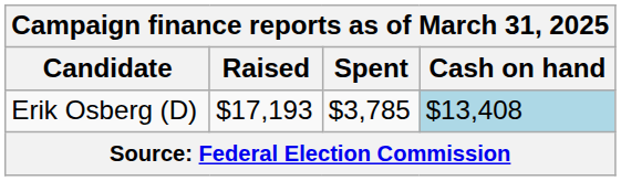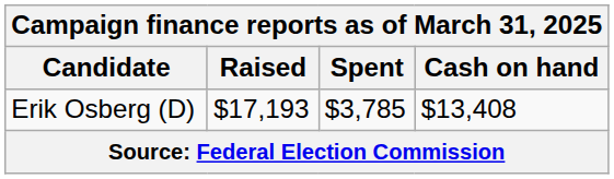 <table class="wikitable sortable">
 <tr>
 <th colspan=4>Campaign finance reports as of March 31, 2025</th>
 </tr>
 <tr style="text-align:center;">
 <th>Candidate</th>
 <th>Raised</th>
 <th>Spent</th>
 <th>Cash on hand</th>
 </tr>
 <tr>
 <td>Erik Osberg (D)</td>
 <td>$17,193</td>
 <td>$3,785</td>
-<td style="background: lightblue;">$13,408</td>
+<td>$13,408</td>
 </tr>
 <tr>
 <th colspan="4"><small>Source: <a href='#'>Federal Election Commission</a></small></th>
 </tr>
 </table>
